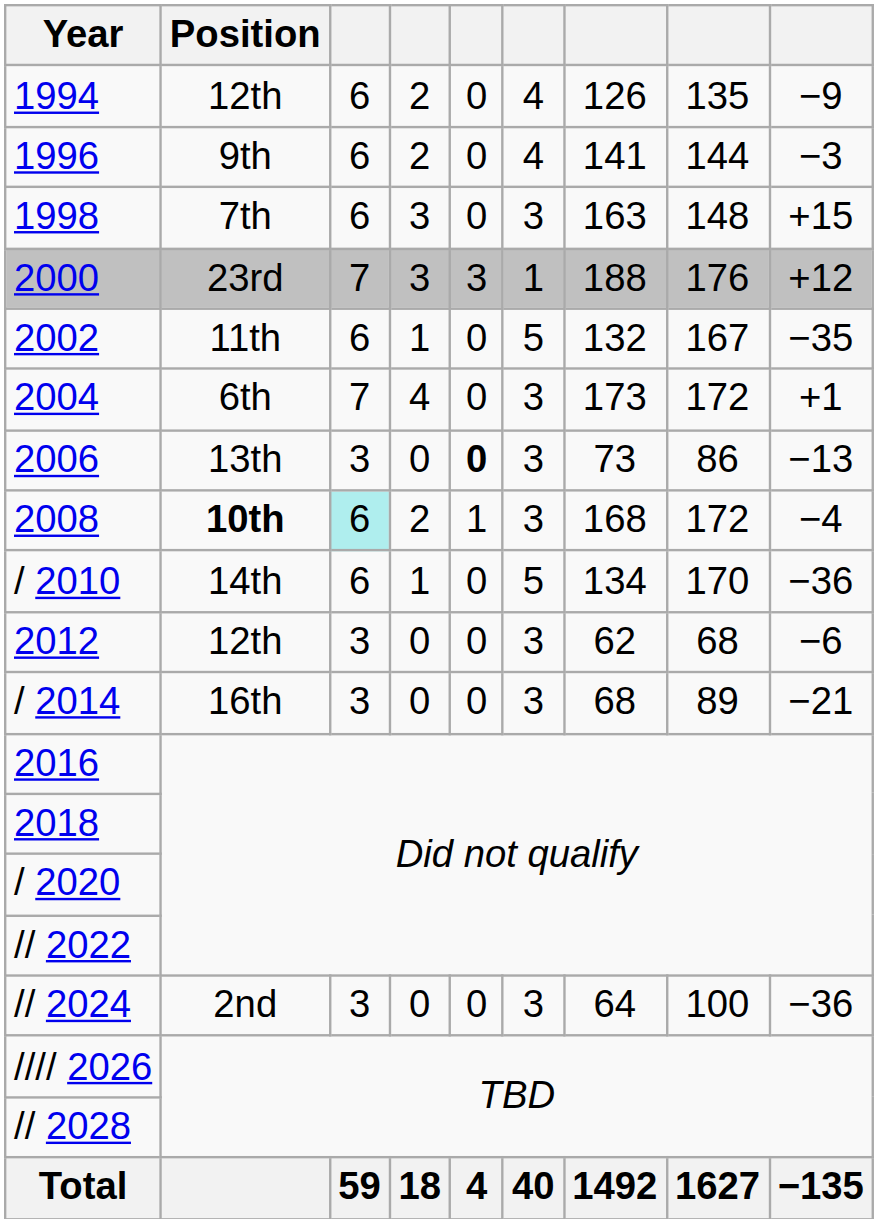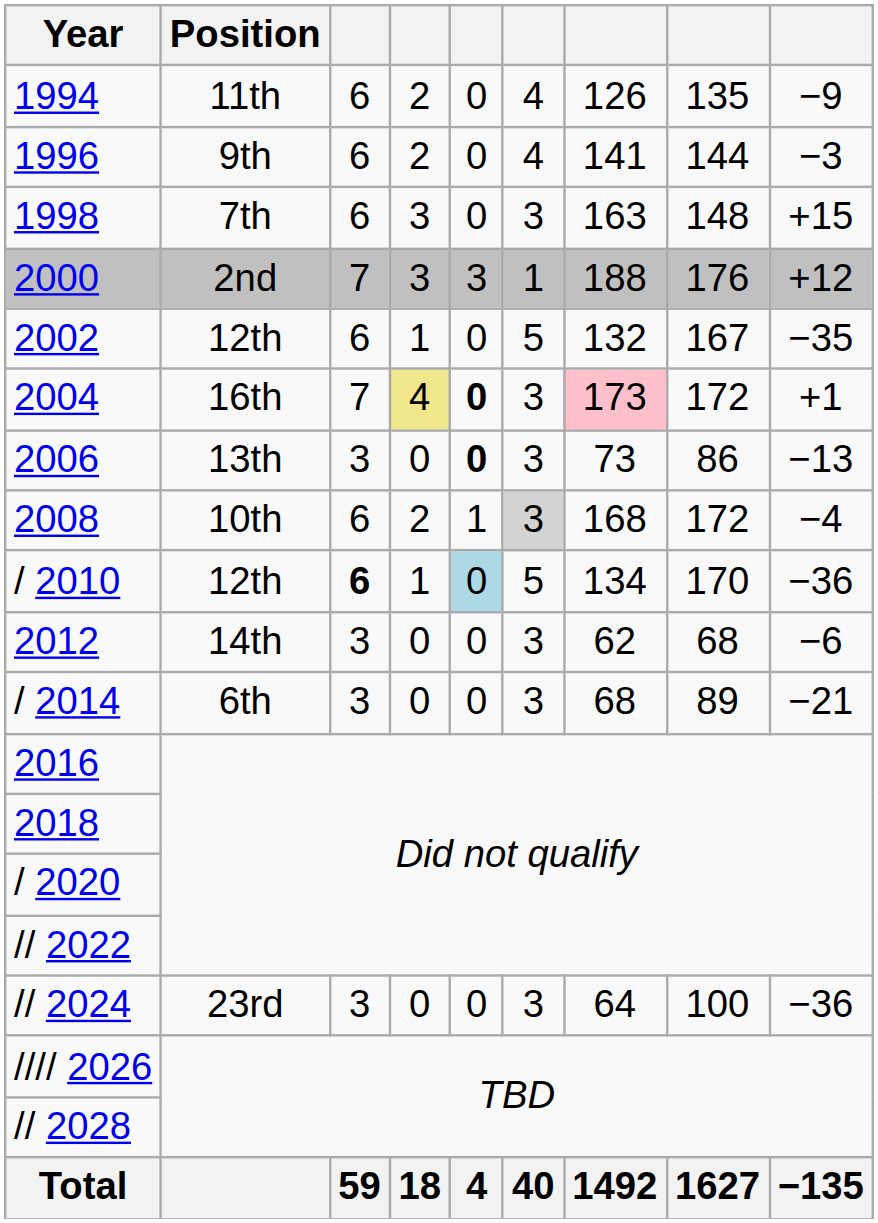 <table class="wikitable" style="text-align: center;">
 <tr>
 <th>Year</th>
 <th>Position</th>
 <th width="15"></th>
 <th width="15"></th>
 <th width="15"></th>
 <th width="15"></th>
 <th></th>
 <th></th>
 <th></th>
 </tr>
 <tr>
 <td style="text-align: left;"> <a href='#'>1994</a></td>
-<td>12th</td>
+<td>11th</td>
 <td>6</td>
 <td>2</td>
 <td>0</td>
 <td>4</td>
 <td>126</td>
 <td>135</td>
 <td>−9</td>
 </tr>
 <tr>
 <td style="text-align: left;"> <a href='#'>1996</a></td>
 <td>9th</td>
 <td>6</td>
 <td>2</td>
 <td>0</td>
 <td>4</td>
 <td>141</td>
 <td>144</td>
 <td>−3</td>
 </tr>
 <tr>
 <td style="text-align: left;"> <a href='#'>1998</a></td>
 <td>7th</td>
 <td>6</td>
 <td>3</td>
 <td>0</td>
 <td>3</td>
 <td>163</td>
 <td>148</td>
 <td>+15</td>
 </tr>
 <tr style="background: silver">
 <td style="text-align: left;"> <a href='#'>2000</a></td>
-<td>23rd</td>
+<td>2nd</td>
 <td>7</td>
 <td>3</td>
 <td>3</td>
 <td>1</td>
 <td>188</td>
 <td>176</td>
 <td>+12</td>
 </tr>
 <tr>
 <td style="text-align: left;"> <a href='#'>2002</a></td>
-<td>11th</td>
+<td>12th</td>
 <td>6</td>
 <td>1</td>
 <td>0</td>
 <td>5</td>
 <td>132</td>
 <td>167</td>
 <td>−35</td>
 </tr>
 <tr>
 <td style="text-align: left;"> <a href='#'>2004</a></td>
-<td>6th</td>
+<td>16th</td>
 <td>7</td>
-<td>4</td>
-<td>0</td>
+<td style="background: khaki;">4</td>
+<td><strong>0</strong></td>
 <td>3</td>
-<td>173</td>
+<td style="background: pink;">173</td>
 <td>172</td>
 <td>+1</td>
 </tr>
 <tr>
 <td style="text-align: left;"> <a href='#'>2006</a></td>
 <td>13th</td>
 <td>3</td>
 <td>0</td>
 <td><strong>0</strong></td>
 <td>3</td>
 <td>73</td>
 <td>86</td>
 <td>−13</td>
 </tr>
 <tr>
 <td style="text-align: left;"> <a href='#'>2008</a></td>
-<td><strong>10th</strong></td>
-<td style="background: paleturquoise;">6</td>
+<td>10th</td>
+<td>6</td>
 <td>2</td>
 <td>1</td>
-<td>3</td>
+<td style="background: lightgrey;">3</td>
 <td>168</td>
 <td>172</td>
 <td>−4</td>
 </tr>
 <tr>
 <td style="text-align: left;">/ <a href='#'>2010</a></td>
-<td>14th</td>
-<td>6</td>
+<td>12th</td>
+<td><strong>6</strong></td>
 <td>1</td>
-<td>0</td>
+<td style="background: lightblue;">0</td>
 <td>5</td>
 <td>134</td>
 <td>170</td>
 <td>−36</td>
 </tr>
 <tr>
 <td style="text-align: left;"> <a href='#'>2012</a></td>
-<td>12th</td>
+<td>14th</td>
 <td>3</td>
 <td>0</td>
 <td>0</td>
 <td>3</td>
 <td>62</td>
 <td>68</td>
 <td>−6</td>
 </tr>
 <tr>
 <td style="text-align: left;">/ <a href='#'>2014</a></td>
-<td>16th</td>
+<td>6th</td>
 <td>3</td>
 <td>0</td>
 <td>0</td>
 <td>3</td>
 <td>68</td>
 <td>89</td>
 <td>−21</td>
 </tr>
 <tr>
 <td style="text-align: left;"> <a href='#'>2016</a></td>
 <td colspan="8" rowspan="4"><em>Did not qualify</em></td>
 </tr>
 <tr>
 <td style="text-align: left;"> <a href='#'>2018</a></td>
 </tr>
 <tr>
 <td style="text-align: left;">/ <a href='#'>2020</a></td>
 </tr>
 <tr>
 <td style="text-align: left;">// <a href='#'>2022</a></td>
 </tr>
 <tr>
 <td style="text-align: left;">// <a href='#'>2024</a></td>
-<td>2nd</td>
+<td>23rd</td>
 <td>3</td>
 <td>0</td>
 <td>0</td>
 <td>3</td>
 <td>64</td>
 <td>100</td>
 <td>−36</td>
 </tr>
 <tr>
 <td style="text-align: left;">//// <a href='#'>2026</a></td>
 <td colspan="8" rowspan="2"><em>TBD</em></td>
 </tr>
 <tr>
 <td style="text-align: left;">// <a href='#'>2028</a></td>
 </tr>
 <tr>
 <th>Total</th>
 <th></th>
 <th>59</th>
 <th>18</th>
 <th>4</th>
 <th>40</th>
 <th>1492</th>
 <th>1627</th>
 <th>−135</th>
 </tr>
 </table>
